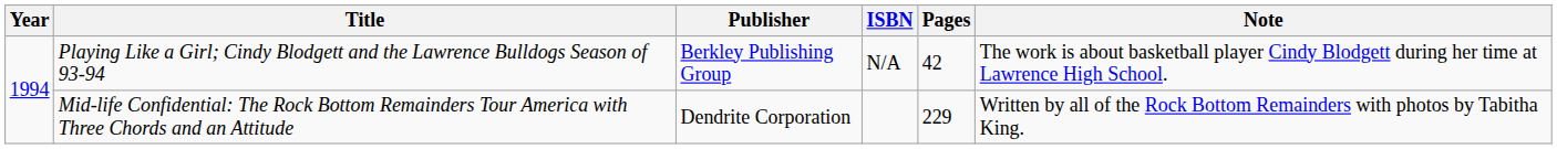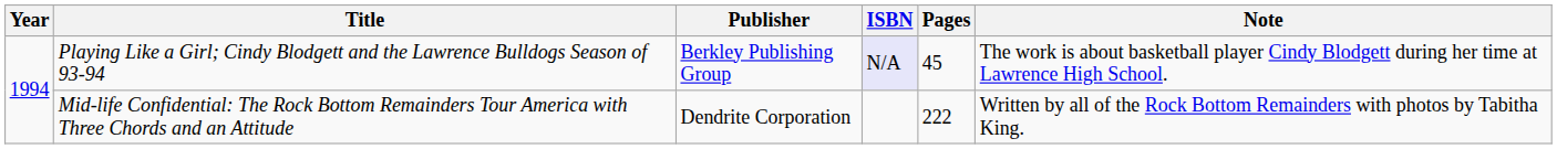 <table class="wikitable sortable">
 <tr>
 <th>Year</th>
 <th>Title</th>
 <th>Publisher</th>
 <th><a href='#'>ISBN</a></th>
 <th>Pages</th>
 <th>Note</th>
 </tr>
 <tr>
 <td rowspan="2"><a href='#'>1994</a></td>
 <td><em>Playing Like a Girl; Cindy Blodgett and the Lawrence Bulldogs Season of 93-94</em></td>
 <td><a href='#'>Berkley Publishing Group</a></td>
-<td>N/A</td>
-<td>42</td>
+<td style="background: lavender;">N/A</td>
+<td>45</td>
 <td>The work is about basketball player <a href='#'>Cindy Blodgett</a> during her time at <a href='#'>Lawrence High School</a>.</td>
 </tr>
 <tr>
 <td><em>Mid-life Confidential: The Rock Bottom Remainders Tour America with Three Chords and an Attitude</em></td>
 <td>Dendrite Corporation</td>
 <td></td>
-<td>229</td>
+<td>222</td>
 <td>Written by all of the <a href='#'>Rock Bottom Remainders</a> with photos by Tabitha King.</td>
 </tr>
 </table>
